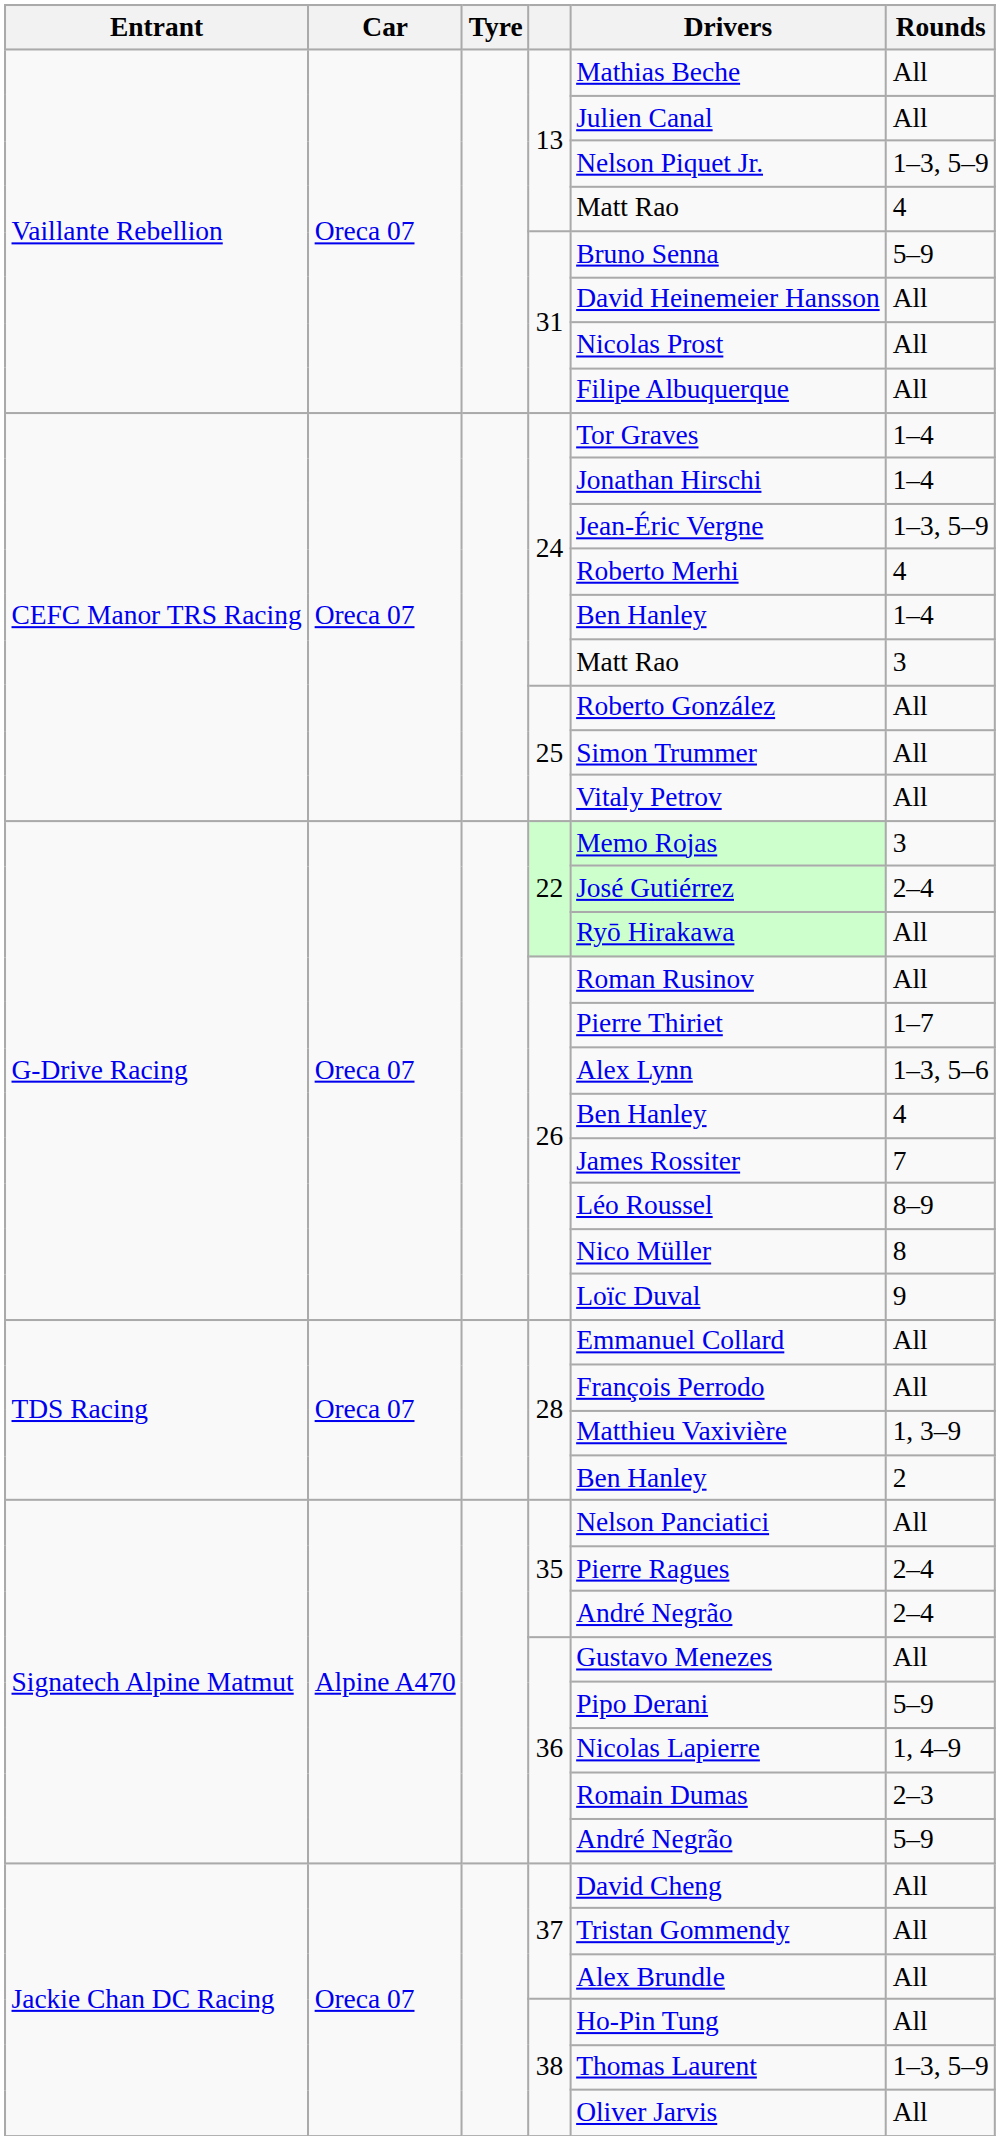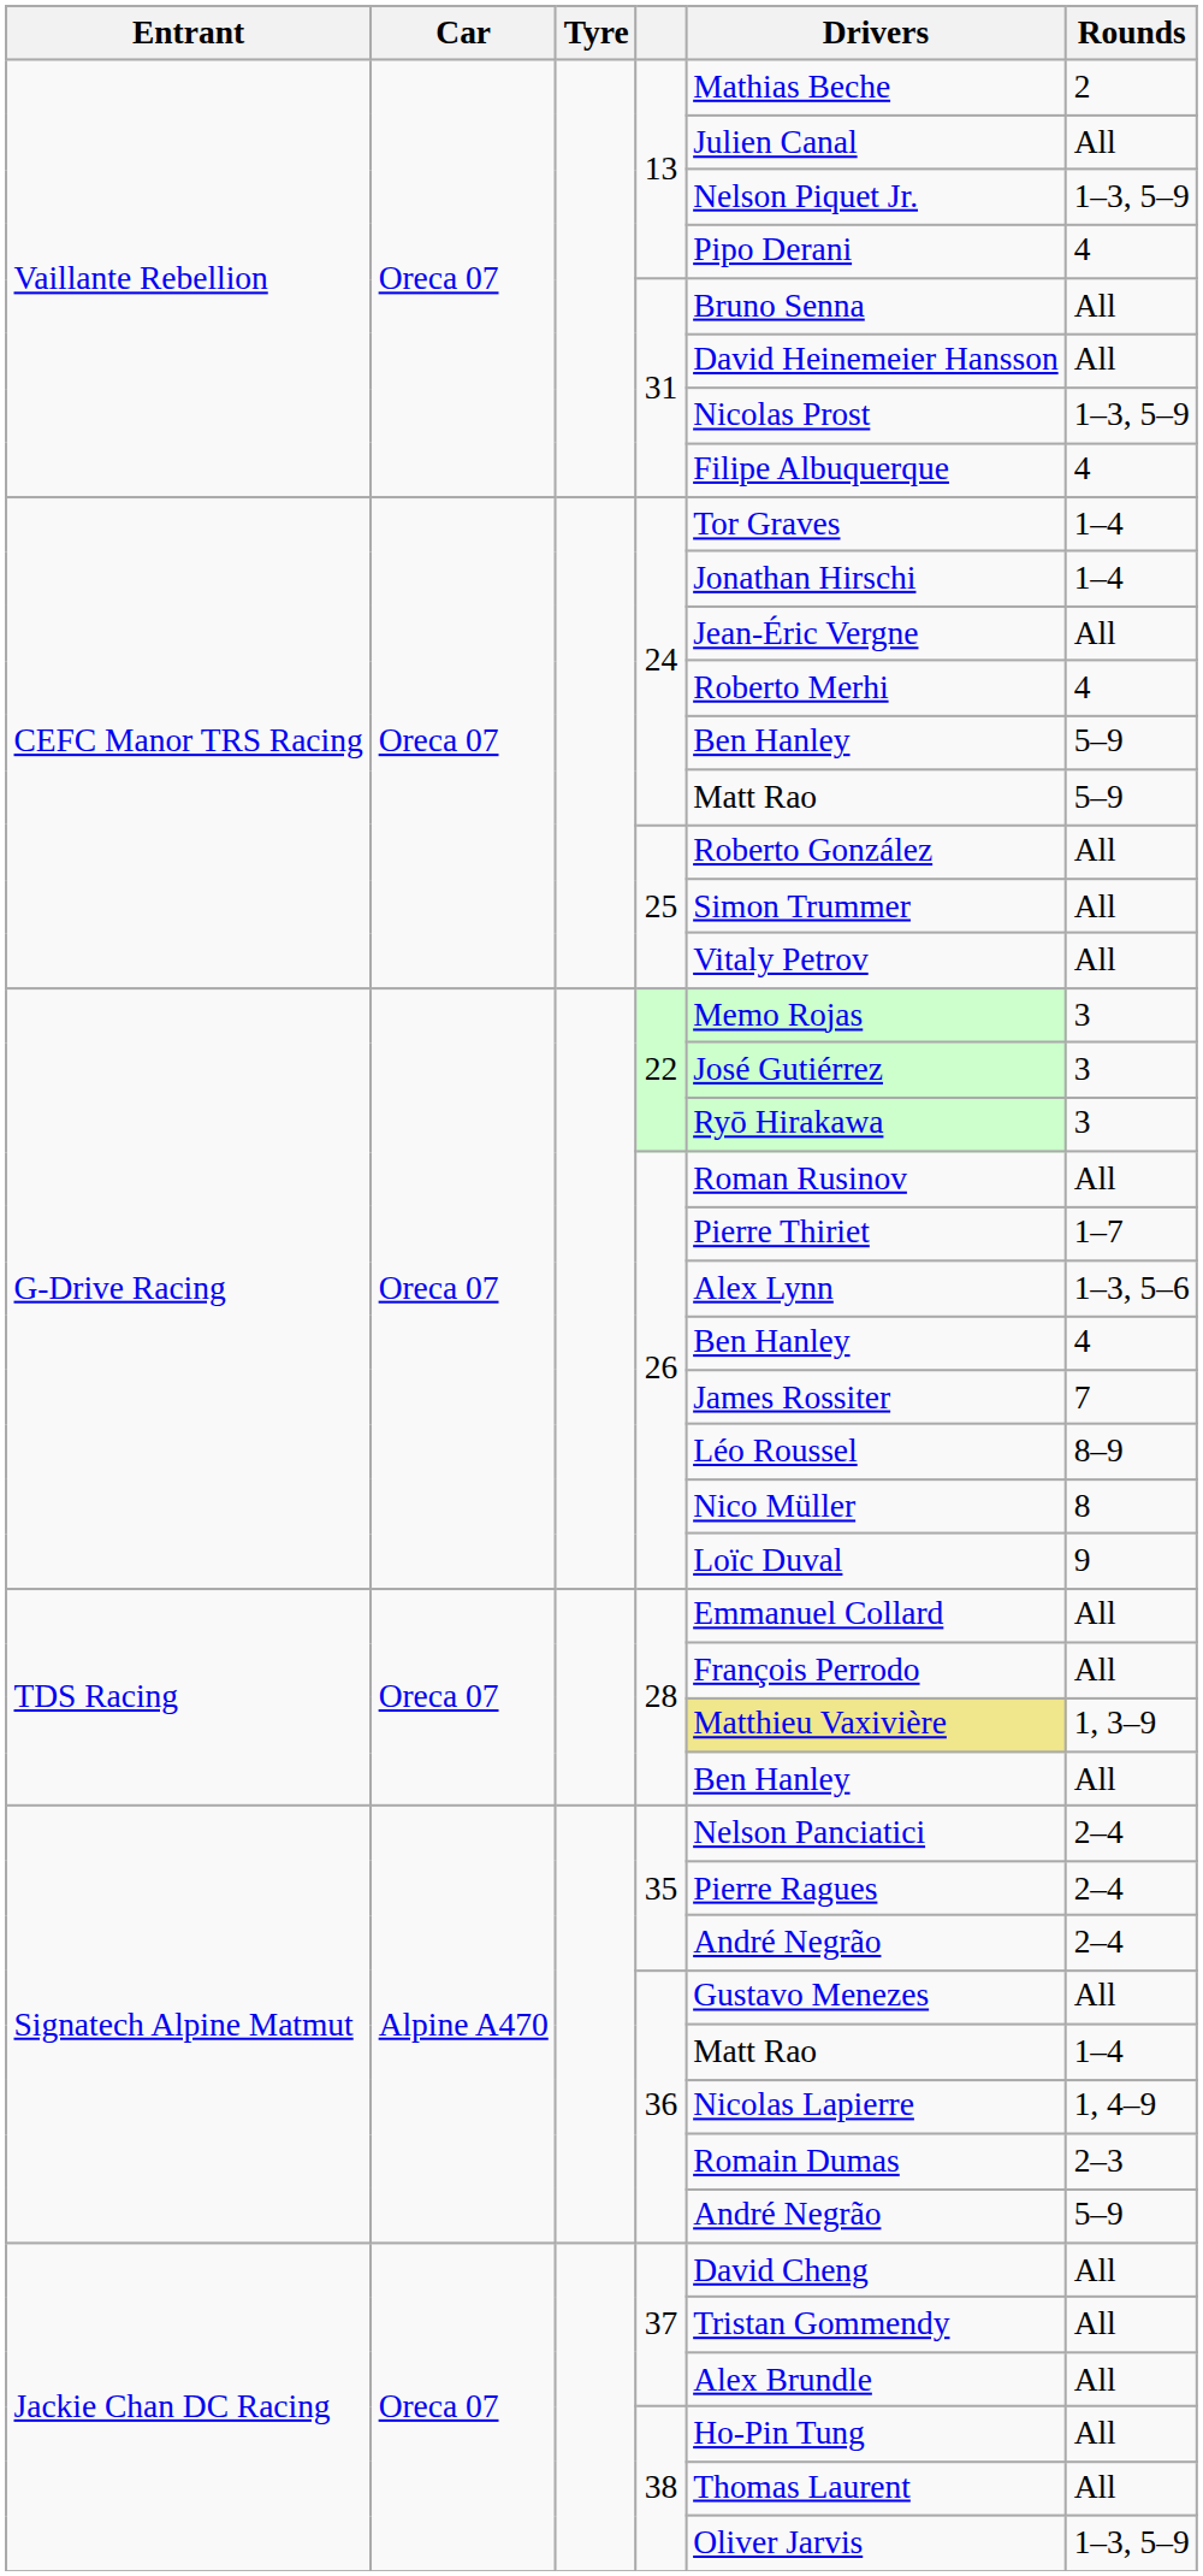 <table class="wikitable" style="font-size: 85%">
 <tr>
 <th>Entrant</th>
 <th>Car</th>
 <th>Tyre</th>
 <th></th>
 <th>Drivers</th>
 <th>Rounds</th>
 </tr>
 <tr>
 <td rowspan=8> <a href='#'>Vaillante Rebellion</a></td>
 <td rowspan=8><a href='#'>Oreca 07</a></td>
 <td rowspan=8></td>
 <td rowspan=4>13</td>
 <td> <a href='#'>Mathias Beche</a></td>
-<td>All</td>
+<td>2</td>
 </tr>
 <tr>
 <td> <a href='#'>Julien Canal</a></td>
 <td>All</td>
 </tr>
 <tr>
 <td> <a href='#'>Nelson Piquet Jr.</a></td>
 <td>1–3, 5–9</td>
 </tr>
 <tr>
-<td> Matt Rao</td>
+<td> <a href='#'>Pipo Derani</a></td>
 <td>4</td>
 </tr>
 <tr>
 <td rowspan=4>31</td>
 <td> <a href='#'>Bruno Senna</a></td>
-<td>5–9</td>
+<td>All</td>
 </tr>
 <tr>
 <td> <a href='#'>David Heinemeier Hansson</a></td>
 <td>All</td>
 </tr>
 <tr>
 <td> <a href='#'>Nicolas Prost</a></td>
-<td>All</td>
+<td>1–3, 5–9</td>
 </tr>
 <tr>
 <td> <a href='#'>Filipe Albuquerque</a></td>
-<td>All</td>
+<td>4</td>
 </tr>
 <tr>
 <td rowspan=9> <a href='#'>CEFC Manor TRS Racing</a></td>
 <td rowspan=9><a href='#'>Oreca 07</a></td>
 <td rowspan=9></td>
 <td rowspan=6>24</td>
 <td> <a href='#'>Tor Graves</a></td>
 <td>1–4</td>
 </tr>
 <tr>
 <td> <a href='#'>Jonathan Hirschi</a></td>
 <td>1–4</td>
 </tr>
 <tr>
 <td> <a href='#'>Jean-Éric Vergne</a></td>
-<td>1–3, 5–9</td>
+<td>All</td>
 </tr>
 <tr>
 <td> <a href='#'>Roberto Merhi</a></td>
 <td>4</td>
 </tr>
 <tr>
 <td> <a href='#'>Ben Hanley</a></td>
-<td>1–4</td>
+<td>5–9</td>
 </tr>
 <tr>
 <td> Matt Rao</td>
-<td>3</td>
+<td>5–9</td>
 </tr>
 <tr>
 <td rowspan=3>25</td>
 <td> <a href='#'>Roberto González</a></td>
 <td>All</td>
 </tr>
 <tr>
 <td> <a href='#'>Simon Trummer</a></td>
 <td>All</td>
 </tr>
 <tr>
 <td> <a href='#'>Vitaly Petrov</a></td>
 <td>All</td>
 </tr>
 <tr>
 <td rowspan=11> <a href='#'>G-Drive Racing</a></td>
 <td rowspan=11><a href='#'>Oreca 07</a></td>
 <td rowspan=11></td>
 <td rowspan=3 style="background:#ccffcc">22</td>
 <td style="background:#ccffcc"> <a href='#'>Memo Rojas</a></td>
 <td>3</td>
 </tr>
 <tr>
 <td style="background:#ccffcc"> <a href='#'>José Gutiérrez</a></td>
-<td>2–4</td>
+<td>3</td>
 </tr>
 <tr>
 <td style="background:#ccffcc"> <a href='#'>Ryō Hirakawa</a></td>
-<td>All</td>
+<td>3</td>
 </tr>
 <tr>
 <td rowspan=8>26</td>
 <td> <a href='#'>Roman Rusinov</a></td>
 <td>All</td>
 </tr>
 <tr>
 <td> <a href='#'>Pierre Thiriet</a></td>
 <td>1–7</td>
 </tr>
 <tr>
 <td> <a href='#'>Alex Lynn</a></td>
 <td>1–3, 5–6</td>
 </tr>
 <tr>
 <td> <a href='#'>Ben Hanley</a></td>
 <td>4</td>
 </tr>
 <tr>
 <td> <a href='#'>James Rossiter</a></td>
 <td>7</td>
 </tr>
 <tr>
 <td> <a href='#'>Léo Roussel</a></td>
 <td>8–9</td>
 </tr>
 <tr>
 <td> <a href='#'>Nico Müller</a></td>
 <td>8</td>
 </tr>
 <tr>
 <td> <a href='#'>Loïc Duval</a></td>
 <td>9</td>
 </tr>
 <tr>
 <td rowspan=4> <a href='#'>TDS Racing</a></td>
 <td rowspan=4><a href='#'>Oreca 07</a></td>
 <td rowspan=4></td>
 <td rowspan=4>28</td>
 <td> <a href='#'>Emmanuel Collard</a></td>
 <td>All</td>
 </tr>
 <tr>
 <td> <a href='#'>François Perrodo</a></td>
 <td>All</td>
 </tr>
 <tr>
-<td> <a href='#'>Matthieu Vaxivière</a></td>
+<td style="background: khaki;"> <a href='#'>Matthieu Vaxivière</a></td>
 <td>1, 3–9</td>
 </tr>
 <tr>
 <td> <a href='#'>Ben Hanley</a></td>
-<td>2</td>
+<td>All</td>
 </tr>
 <tr>
 <td rowspan=8> <a href='#'>Signatech Alpine Matmut</a></td>
 <td rowspan=8><a href='#'>Alpine A470</a></td>
 <td rowspan=8></td>
 <td rowspan=3>35</td>
 <td> <a href='#'>Nelson Panciatici</a></td>
-<td>All</td>
+<td>2–4</td>
 </tr>
 <tr>
 <td> <a href='#'>Pierre Ragues</a></td>
 <td>2–4</td>
 </tr>
 <tr>
 <td> <a href='#'>André Negrão</a></td>
 <td>2–4</td>
 </tr>
 <tr>
 <td rowspan=5>36</td>
 <td> <a href='#'>Gustavo Menezes</a></td>
 <td>All</td>
 </tr>
 <tr>
-<td> <a href='#'>Pipo Derani</a></td>
-<td>5–9</td>
+<td> Matt Rao</td>
+<td>1–4</td>
 </tr>
 <tr>
 <td> <a href='#'>Nicolas Lapierre</a></td>
 <td>1, 4–9</td>
 </tr>
 <tr>
 <td> <a href='#'>Romain Dumas</a></td>
 <td>2–3</td>
 </tr>
 <tr>
 <td> <a href='#'>André Negrão</a></td>
 <td>5–9</td>
 </tr>
 <tr>
 <td rowspan=6> <a href='#'>Jackie Chan DC Racing</a></td>
 <td rowspan=6><a href='#'>Oreca 07</a></td>
 <td rowspan=6></td>
 <td rowspan=3>37</td>
 <td> <a href='#'>David Cheng</a></td>
 <td>All</td>
 </tr>
 <tr>
 <td> <a href='#'>Tristan Gommendy</a></td>
 <td>All</td>
 </tr>
 <tr>
 <td> <a href='#'>Alex Brundle</a></td>
 <td>All</td>
 </tr>
 <tr>
 <td rowspan=3>38</td>
 <td> <a href='#'>Ho-Pin Tung</a></td>
 <td>All</td>
 </tr>
 <tr>
 <td> <a href='#'>Thomas Laurent</a></td>
-<td>1–3, 5–9</td>
+<td>All</td>
 </tr>
 <tr>
 <td> <a href='#'>Oliver Jarvis</a></td>
-<td>All</td>
+<td>1–3, 5–9</td>
 </tr>
 </table>
